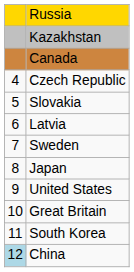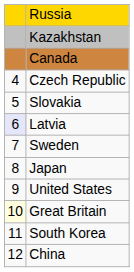 <table class="wikitable">
 <tr style="background:gold;">
 <td align=center></td>
 <td> Russia</td>
 </tr>
 <tr style="background:silver;">
 <td align=center></td>
 <td> Kazakhstan</td>
 </tr>
 <tr style="background:peru;">
 <td align=center></td>
 <td> Canada</td>
 </tr>
 <tr>
 <td align=center>4</td>
 <td> Czech Republic</td>
 </tr>
 <tr>
 <td align=center>5</td>
 <td> Slovakia</td>
 </tr>
 <tr>
-<td align=center>6</td>
+<td align=center style="background: lavender;">6</td>
 <td> Latvia</td>
 </tr>
 <tr>
 <td align=center>7</td>
 <td> Sweden</td>
 </tr>
 <tr>
 <td align=center>8</td>
 <td> Japan</td>
 </tr>
 <tr>
 <td align=center>9</td>
 <td> United States</td>
 </tr>
 <tr>
-<td align=center>10</td>
+<td align=center style="background: lightyellow;">10</td>
 <td> Great Britain</td>
 </tr>
 <tr>
 <td align=center>11</td>
 <td> South Korea</td>
 </tr>
 <tr>
-<td align=center style="background: lightblue;">12</td>
+<td align=center>12</td>
 <td> China</td>
 </tr>
 </table>
